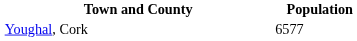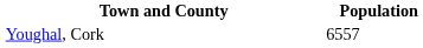 <table>
 <tr>
 <th style="width:300px;align:left;">Town and County</th>
 <th style="width:100px;align:right;">Population</th>
 </tr>
 <tr>
 <td><a href='#'>Youghal</a>, Cork</td>
-<td>6577</td>
+<td>6557</td>
 </tr>
 </table>
